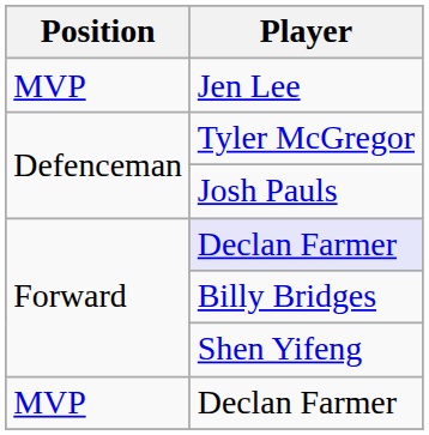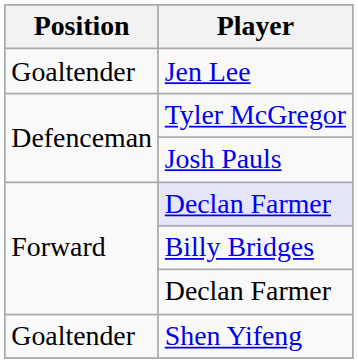 <table class="wikitable">
 <tr>
 <th>Position</th>
 <th>Player</th>
 </tr>
 <tr>
-<td><a href='#'>MVP</a></td>
+<td>Goaltender</td>
 <td> <a href='#'>Jen Lee</a></td>
 </tr>
 <tr>
 <td rowspan=2>Defenceman</td>
 <td> <a href='#'>Tyler McGregor</a></td>
 </tr>
 <tr>
 <td> <a href='#'>Josh Pauls</a></td>
 </tr>
 <tr>
 <td rowspan=3>Forward</td>
 <td style="background: lavender;"> <a href='#'>Declan Farmer</a></td>
 </tr>
 <tr>
 <td> <a href='#'>Billy Bridges</a></td>
 </tr>
 <tr>
+<td> Declan Farmer</td>
+</tr>
+<tr>
+<td>Goaltender</td>
 <td> <a href='#'>Shen Yifeng</a></td>
 </tr>
-<tr>
-<td><a href='#'>MVP</a></td>
-<td> Declan Farmer</td>
-</tr>
 </table>
